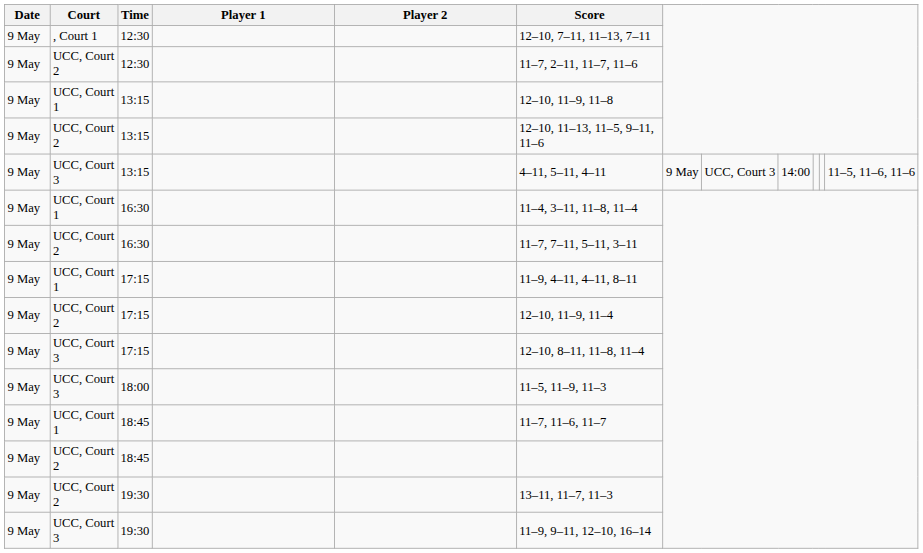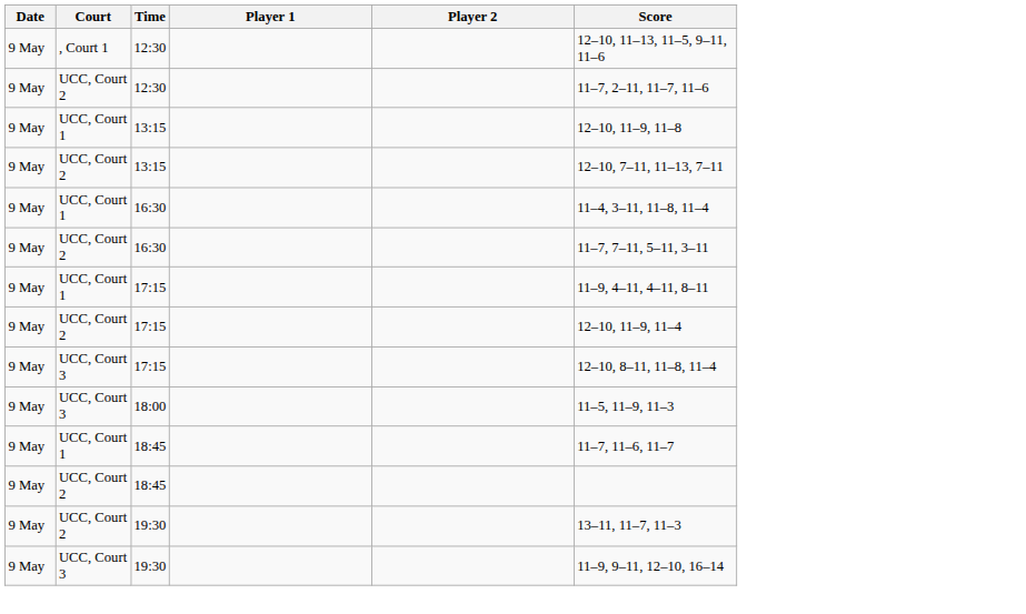 <table class="sortable wikitable" style="font-size:90%">
 <tr>
 <th width="45" class="unsortable">Date</th>
 <th width="70">Court</th>
 <th width="30">Time</th>
 <th width="200">Player 1</th>
 <th width="200">Player 2</th>
 <th width="160" class="unsortable">Score</th>
 </tr>
 <tr>
 <td>9 May</td>
 <td>, Court 1</td>
 <td>12:30</td>
 <td></td>
 <td><strong></strong></td>
-<td>12–10, 7–11, 11–13, 7–11</td>
+<td>12–10, 11–13, 11–5, 9–11, 11–6</td>
 </tr>
 <tr>
 <td>9 May</td>
 <td>UCC, Court 2</td>
 <td>12:30</td>
 <td><strong></strong></td>
 <td></td>
 <td>11–7, 2–11, 11–7, 11–6</td>
 </tr>
 <tr>
 <td>9 May</td>
 <td>UCC, Court 1</td>
 <td>13:15</td>
 <td><strong></strong></td>
 <td></td>
 <td>12–10, 11–9, 11–8</td>
 </tr>
 <tr>
 <td>9 May</td>
 <td>UCC, Court 2</td>
 <td>13:15</td>
 <td><strong></strong></td>
 <td></td>
-<td>12–10, 11–13, 11–5, 9–11, 11–6</td>
-</tr>
-<tr>
-<td>9 May</td>
-<td>UCC, Court 3</td>
-<td>13:15</td>
-<td></td>
-<td><strong></strong></td>
-<td>4–11, 5–11, 4–11</td>
-<td>9 May</td>
-<td>UCC, Court 3</td>
-<td>14:00</td>
-<td></td>
-<td></td>
-<td>11–5, 11–6, 11–6</td>
+<td>12–10, 7–11, 11–13, 7–11</td>
 </tr>
 <tr>
 <td>9 May</td>
 <td>UCC, Court 1</td>
 <td>16:30</td>
 <td><strong></strong></td>
 <td></td>
 <td>11–4, 3–11, 11–8, 11–4</td>
 </tr>
 <tr>
 <td>9 May</td>
 <td>UCC, Court 2</td>
 <td>16:30</td>
 <td></td>
 <td><strong></strong></td>
 <td>11–7, 7–11, 5–11, 3–11</td>
 </tr>
 <tr>
 <td>9 May</td>
 <td>UCC, Court 1</td>
 <td>17:15</td>
 <td></td>
 <td><strong></strong></td>
 <td>11–9, 4–11, 4–11, 8–11</td>
 </tr>
 <tr>
 <td>9 May</td>
 <td>UCC, Court 2</td>
 <td>17:15</td>
 <td><strong></strong></td>
 <td></td>
 <td>12–10, 11–9, 11–4</td>
 </tr>
 <tr>
 <td>9 May</td>
 <td>UCC, Court 3</td>
 <td>17:15</td>
 <td><strong></strong></td>
 <td></td>
 <td>12–10, 8–11, 11–8, 11–4</td>
 </tr>
 <tr>
 <td>9 May</td>
 <td>UCC, Court 3</td>
 <td>18:00</td>
 <td><strong></strong></td>
 <td></td>
 <td>11–5, 11–9, 11–3</td>
 </tr>
 <tr>
 <td>9 May</td>
 <td>UCC, Court 1</td>
 <td>18:45</td>
 <td><strong></strong></td>
 <td></td>
 <td>11–7, 11–6, 11–7</td>
 </tr>
 <tr>
 <td>9 May</td>
 <td>UCC, Court 2</td>
 <td>18:45</td>
 <td></td>
 <td></td>
 <td></td>
 </tr>
 <tr>
 <td>9 May</td>
 <td>UCC, Court 2</td>
 <td>19:30</td>
 <td><strong></strong></td>
 <td></td>
 <td>13–11, 11–7, 11–3</td>
 </tr>
 <tr>
 <td>9 May</td>
 <td>UCC, Court 3</td>
 <td>19:30</td>
 <td><strong></strong></td>
 <td></td>
 <td>11–9, 9–11, 12–10, 16–14</td>
 </tr>
 </table>
